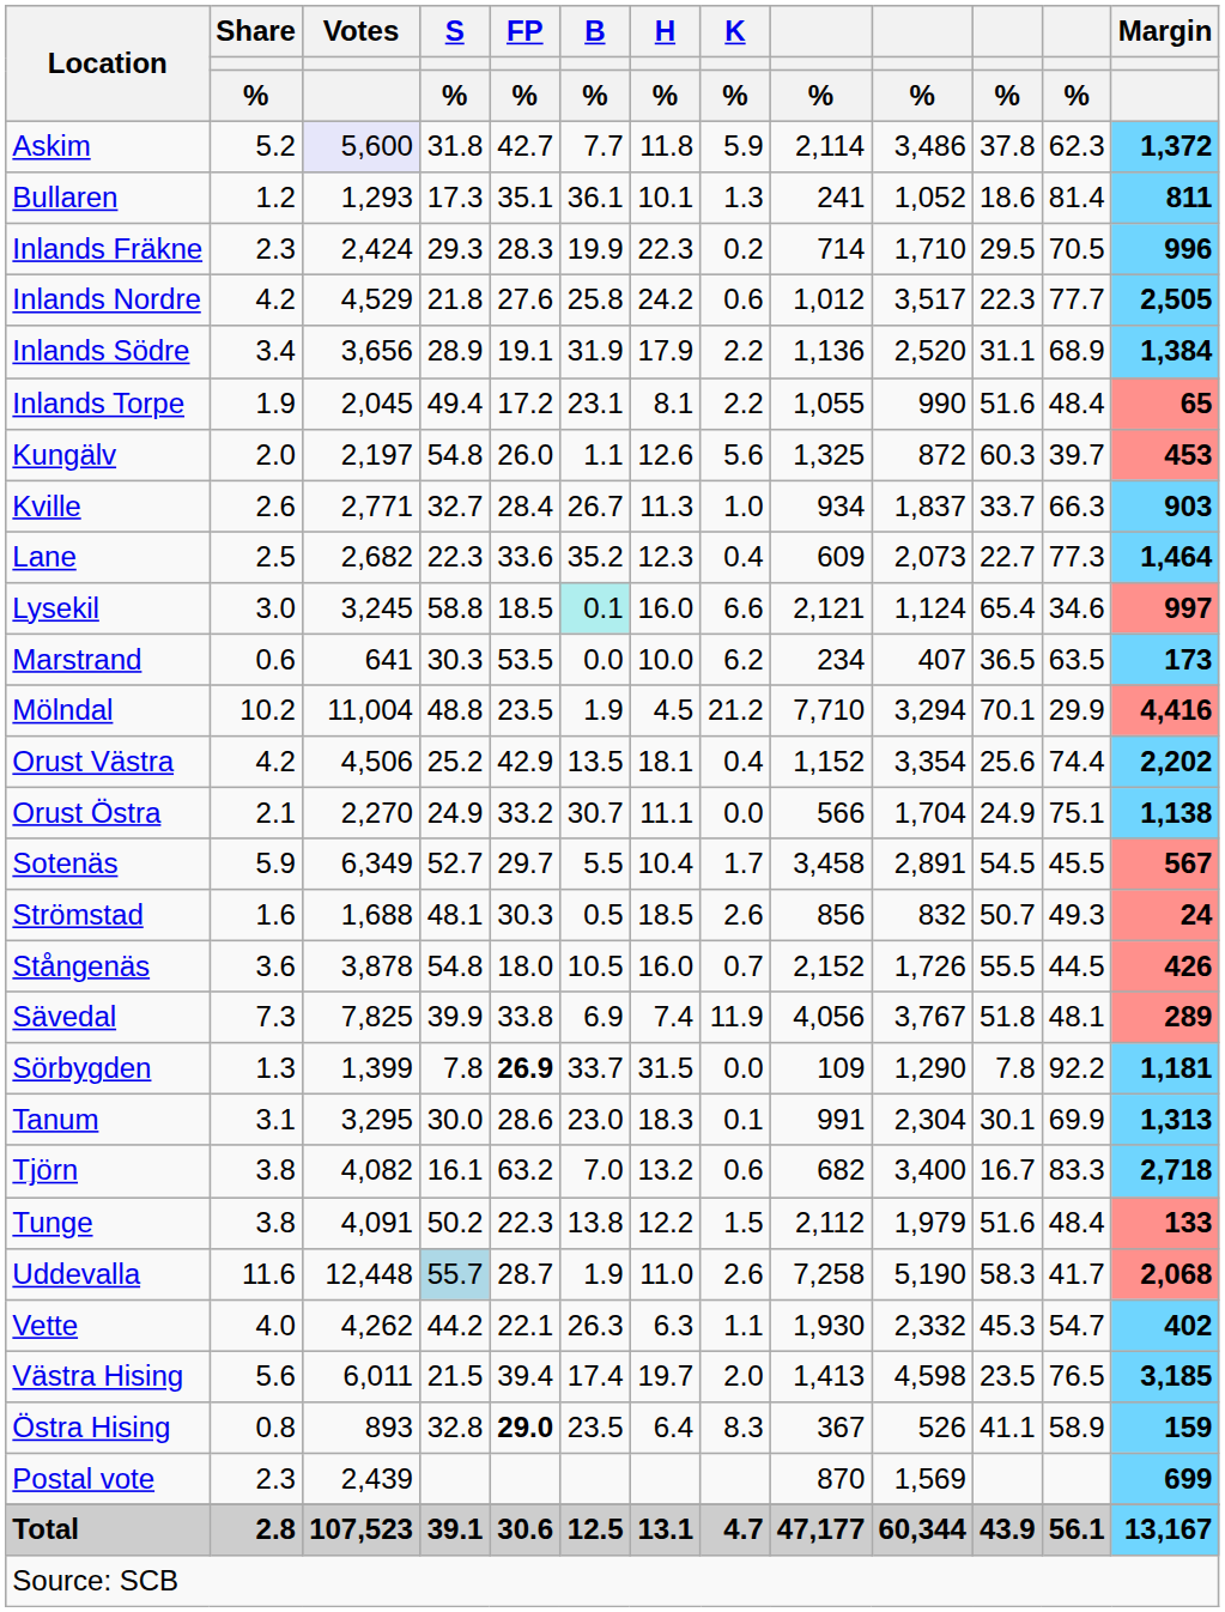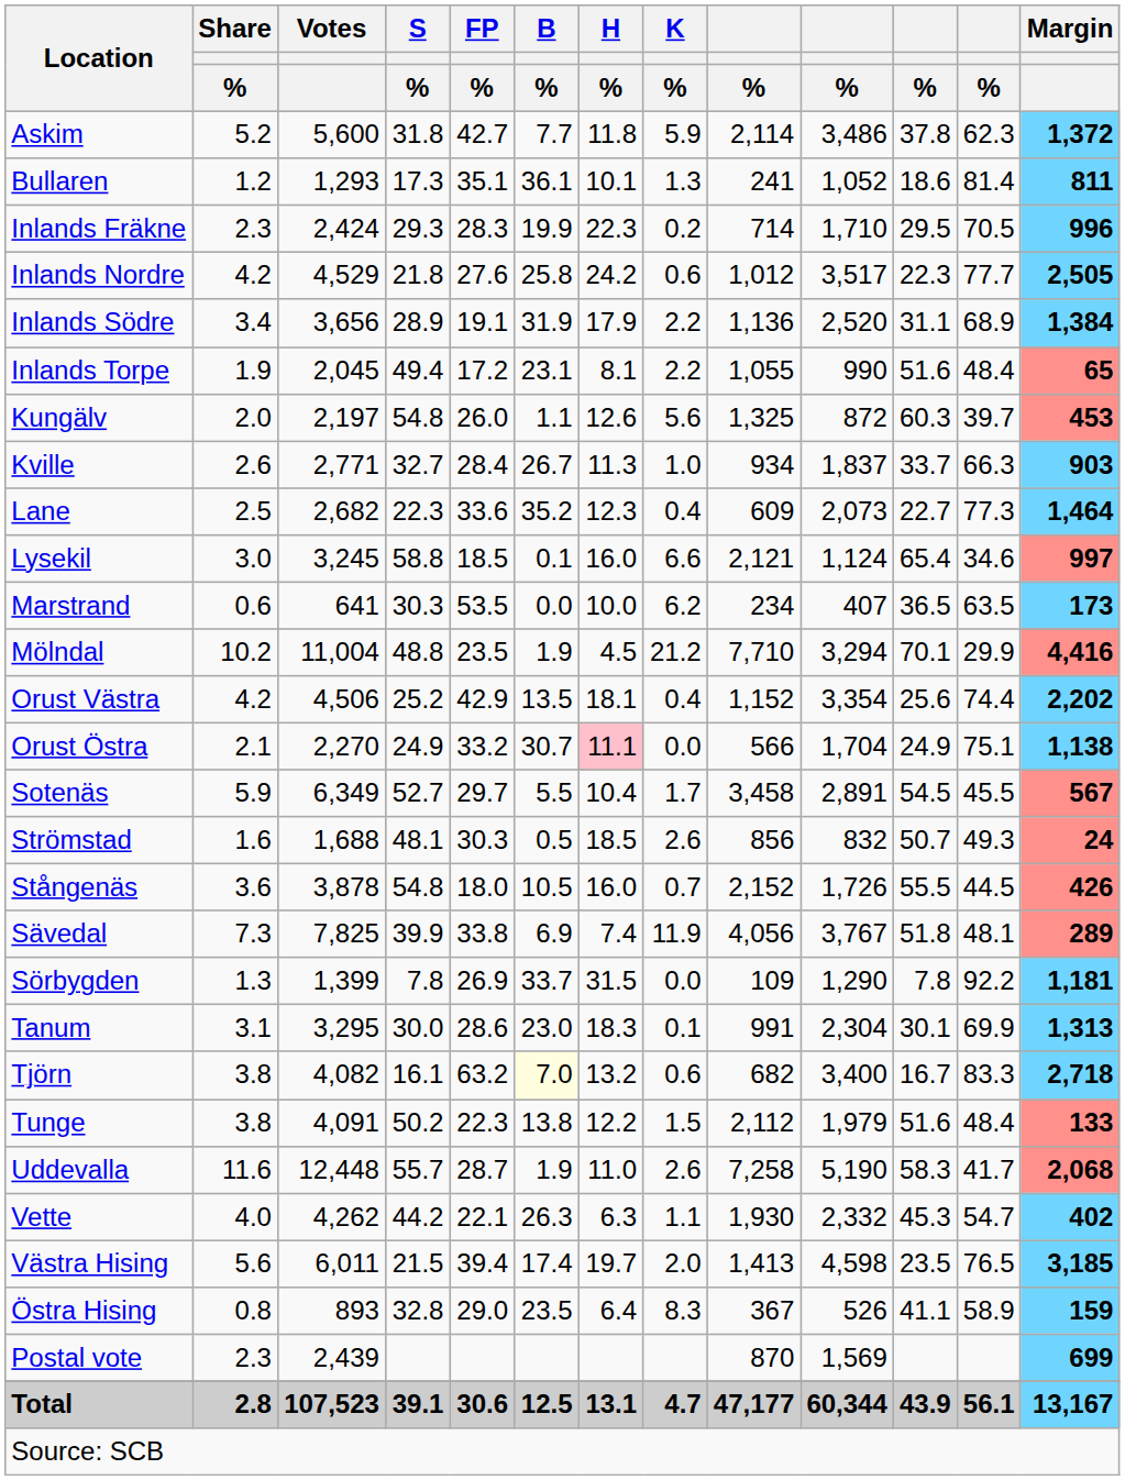 <table class="wikitable sortable" style="text-align:right; font-size:95%; line-height:20px;">
 <tr>
 <th rowspan="3">Location</th>
 <th>Share</th>
 <th>Votes</th>
 <th width="30px" class="unsortable"><a href='#'>S</a></th>
 <th width="30px" class="unsortable"><a href='#'>FP</a></th>
 <th width="30px" class="unsortable"><a href='#'>B</a></th>
 <th width="30px" class="unsortable"><a href='#'>H</a></th>
 <th width="30px" class="unsortable"><a href='#'>K</a></th>
 <th></th>
 <th></th>
 <th></th>
 <th></th>
 <th>Margin</th>
 </tr>
 <tr>
 <th></th>
 <th></th>
 <th style="background:"></th>
 <th style="background:"></th>
 <th style="background:"></th>
 <th style="background:"></th>
 <th style="background:"></th>
 <th style="background:"></th>
 <th style="background:"></th>
 <th style="background:"></th>
 <th style="background:"></th>
 <th></th>
 </tr>
 <tr>
 <th data-sort-type="number">%</th>
 <th></th>
 <th data-sort-type="number">%</th>
 <th data-sort-type="number">%</th>
 <th data-sort-type="number">%</th>
 <th data-sort-type="number">%</th>
 <th data-sort-type="number">%</th>
 <th data-sort-type="number">%</th>
 <th data-sort-type="number">%</th>
 <th data-sort-type="number">%</th>
 <th data-sort-type="number">%</th>
 <th data-sort-type="number"></th>
 </tr>
 <tr>
 <td align=left><a href='#'>Askim</a></td>
 <td>5.2</td>
-<td style="background: lavender;">5,600</td>
+<td>5,600</td>
 <td>31.8</td>
 <td>42.7</td>
 <td>7.7</td>
 <td>11.8</td>
 <td>5.9</td>
 <td>2,114</td>
 <td>3,486</td>
 <td>37.8</td>
 <td>62.3</td>
 <td bgcolor=#6fd5fe><strong>1,372</strong></td>
 </tr>
 <tr>
 <td align=left><a href='#'>Bullaren</a></td>
 <td>1.2</td>
 <td>1,293</td>
 <td>17.3</td>
 <td>35.1</td>
 <td>36.1</td>
 <td>10.1</td>
 <td>1.3</td>
 <td>241</td>
 <td>1,052</td>
 <td>18.6</td>
 <td>81.4</td>
 <td bgcolor=#6fd5fe><strong>811</strong></td>
 </tr>
 <tr>
 <td align=left><a href='#'>Inlands Fräkne</a></td>
 <td>2.3</td>
 <td>2,424</td>
 <td>29.3</td>
 <td>28.3</td>
 <td>19.9</td>
 <td>22.3</td>
 <td>0.2</td>
 <td>714</td>
 <td>1,710</td>
 <td>29.5</td>
 <td>70.5</td>
 <td bgcolor=#6fd5fe><strong>996</strong></td>
 </tr>
 <tr>
 <td align=left><a href='#'>Inlands Nordre</a></td>
 <td>4.2</td>
 <td>4,529</td>
 <td>21.8</td>
 <td>27.6</td>
 <td>25.8</td>
 <td>24.2</td>
 <td>0.6</td>
 <td>1,012</td>
 <td>3,517</td>
 <td>22.3</td>
 <td>77.7</td>
 <td bgcolor=#6fd5fe><strong>2,505</strong></td>
 </tr>
 <tr>
 <td align=left><a href='#'>Inlands Södre</a></td>
 <td>3.4</td>
 <td>3,656</td>
 <td>28.9</td>
 <td>19.1</td>
 <td>31.9</td>
 <td>17.9</td>
 <td>2.2</td>
 <td>1,136</td>
 <td>2,520</td>
 <td>31.1</td>
 <td>68.9</td>
 <td bgcolor=#6fd5fe><strong>1,384</strong></td>
 </tr>
 <tr>
 <td align=left><a href='#'>Inlands Torpe</a></td>
 <td>1.9</td>
 <td>2,045</td>
 <td>49.4</td>
 <td>17.2</td>
 <td>23.1</td>
 <td>8.1</td>
 <td>2.2</td>
 <td>1,055</td>
 <td>990</td>
 <td>51.6</td>
 <td>48.4</td>
 <td bgcolor=#ff908c><strong>65</strong></td>
 </tr>
 <tr>
 <td align=left><a href='#'>Kungälv</a></td>
 <td>2.0</td>
 <td>2,197</td>
 <td>54.8</td>
 <td>26.0</td>
 <td>1.1</td>
 <td>12.6</td>
 <td>5.6</td>
 <td>1,325</td>
 <td>872</td>
 <td>60.3</td>
 <td>39.7</td>
 <td bgcolor=#ff908c><strong>453</strong></td>
 </tr>
 <tr>
 <td align=left><a href='#'>Kville</a></td>
 <td>2.6</td>
 <td>2,771</td>
 <td>32.7</td>
 <td>28.4</td>
 <td>26.7</td>
 <td>11.3</td>
 <td>1.0</td>
 <td>934</td>
 <td>1,837</td>
 <td>33.7</td>
 <td>66.3</td>
 <td bgcolor=#6fd5fe><strong>903</strong></td>
 </tr>
 <tr>
 <td align=left><a href='#'>Lane</a></td>
 <td>2.5</td>
 <td>2,682</td>
 <td>22.3</td>
 <td>33.6</td>
 <td>35.2</td>
 <td>12.3</td>
 <td>0.4</td>
 <td>609</td>
 <td>2,073</td>
 <td>22.7</td>
 <td>77.3</td>
 <td bgcolor=#6fd5fe><strong>1,464</strong></td>
 </tr>
 <tr>
 <td align=left><a href='#'>Lysekil</a></td>
 <td>3.0</td>
 <td>3,245</td>
 <td>58.8</td>
 <td>18.5</td>
-<td style="background: paleturquoise;">0.1</td>
+<td>0.1</td>
 <td>16.0</td>
 <td>6.6</td>
 <td>2,121</td>
 <td>1,124</td>
 <td>65.4</td>
 <td>34.6</td>
 <td bgcolor=#ff908c><strong>997</strong></td>
 </tr>
 <tr>
 <td align=left><a href='#'>Marstrand</a></td>
 <td>0.6</td>
 <td>641</td>
 <td>30.3</td>
 <td>53.5</td>
 <td>0.0</td>
 <td>10.0</td>
 <td>6.2</td>
 <td>234</td>
 <td>407</td>
 <td>36.5</td>
 <td>63.5</td>
 <td bgcolor=#6fd5fe><strong>173</strong></td>
 </tr>
 <tr>
 <td align=left><a href='#'>Mölndal</a></td>
 <td>10.2</td>
 <td>11,004</td>
 <td>48.8</td>
 <td>23.5</td>
 <td>1.9</td>
 <td>4.5</td>
 <td>21.2</td>
 <td>7,710</td>
 <td>3,294</td>
 <td>70.1</td>
 <td>29.9</td>
 <td bgcolor=#ff908c><strong>4,416</strong></td>
 </tr>
 <tr>
 <td align=left><a href='#'>Orust Västra</a></td>
 <td>4.2</td>
 <td>4,506</td>
 <td>25.2</td>
 <td>42.9</td>
 <td>13.5</td>
 <td>18.1</td>
 <td>0.4</td>
 <td>1,152</td>
 <td>3,354</td>
 <td>25.6</td>
 <td>74.4</td>
 <td bgcolor=#6fd5fe><strong>2,202</strong></td>
 </tr>
 <tr>
 <td align=left><a href='#'>Orust Östra</a></td>
 <td>2.1</td>
 <td>2,270</td>
 <td>24.9</td>
 <td>33.2</td>
 <td>30.7</td>
-<td>11.1</td>
+<td style="background: pink;">11.1</td>
 <td>0.0</td>
 <td>566</td>
 <td>1,704</td>
 <td>24.9</td>
 <td>75.1</td>
 <td bgcolor=#6fd5fe><strong>1,138</strong></td>
 </tr>
 <tr>
 <td align=left><a href='#'>Sotenäs</a></td>
 <td>5.9</td>
 <td>6,349</td>
 <td>52.7</td>
 <td>29.7</td>
 <td>5.5</td>
 <td>10.4</td>
 <td>1.7</td>
 <td>3,458</td>
 <td>2,891</td>
 <td>54.5</td>
 <td>45.5</td>
 <td bgcolor=#ff908c><strong>567</strong></td>
 </tr>
 <tr>
 <td align=left><a href='#'>Strömstad</a></td>
 <td>1.6</td>
 <td>1,688</td>
 <td>48.1</td>
 <td>30.3</td>
 <td>0.5</td>
 <td>18.5</td>
 <td>2.6</td>
 <td>856</td>
 <td>832</td>
 <td>50.7</td>
 <td>49.3</td>
 <td bgcolor=#ff908c><strong>24</strong></td>
 </tr>
 <tr>
 <td align=left><a href='#'>Stångenäs</a></td>
 <td>3.6</td>
 <td>3,878</td>
 <td>54.8</td>
 <td>18.0</td>
 <td>10.5</td>
 <td>16.0</td>
 <td>0.7</td>
 <td>2,152</td>
 <td>1,726</td>
 <td>55.5</td>
 <td>44.5</td>
 <td bgcolor=#ff908c><strong>426</strong></td>
 </tr>
 <tr>
 <td align=left><a href='#'>Sävedal</a></td>
 <td>7.3</td>
 <td>7,825</td>
 <td>39.9</td>
 <td>33.8</td>
 <td>6.9</td>
 <td>7.4</td>
 <td>11.9</td>
 <td>4,056</td>
 <td>3,767</td>
 <td>51.8</td>
 <td>48.1</td>
 <td bgcolor=#ff908c><strong>289</strong></td>
 </tr>
 <tr>
 <td align=left><a href='#'>Sörbygden</a></td>
 <td>1.3</td>
 <td>1,399</td>
 <td>7.8</td>
-<td><strong>26.9</strong></td>
+<td>26.9</td>
 <td>33.7</td>
 <td>31.5</td>
 <td>0.0</td>
 <td>109</td>
 <td>1,290</td>
 <td>7.8</td>
 <td>92.2</td>
 <td bgcolor=#6fd5fe><strong>1,181</strong></td>
 </tr>
 <tr>
 <td align=left><a href='#'>Tanum</a></td>
 <td>3.1</td>
 <td>3,295</td>
 <td>30.0</td>
 <td>28.6</td>
 <td>23.0</td>
 <td>18.3</td>
 <td>0.1</td>
 <td>991</td>
 <td>2,304</td>
 <td>30.1</td>
 <td>69.9</td>
 <td bgcolor=#6fd5fe><strong>1,313</strong></td>
 </tr>
 <tr>
 <td align=left><a href='#'>Tjörn</a></td>
 <td>3.8</td>
 <td>4,082</td>
 <td>16.1</td>
 <td>63.2</td>
-<td>7.0</td>
+<td style="background: lightyellow;">7.0</td>
 <td>13.2</td>
 <td>0.6</td>
 <td>682</td>
 <td>3,400</td>
 <td>16.7</td>
 <td>83.3</td>
 <td bgcolor=#6fd5fe><strong>2,718</strong></td>
 </tr>
 <tr>
 <td align=left><a href='#'>Tunge</a></td>
 <td>3.8</td>
 <td>4,091</td>
 <td>50.2</td>
 <td>22.3</td>
 <td>13.8</td>
 <td>12.2</td>
 <td>1.5</td>
 <td>2,112</td>
 <td>1,979</td>
 <td>51.6</td>
 <td>48.4</td>
 <td bgcolor=#ff908c><strong>133</strong></td>
 </tr>
 <tr>
 <td align=left><a href='#'>Uddevalla</a></td>
 <td>11.6</td>
 <td>12,448</td>
-<td style="background: lightblue;">55.7</td>
+<td>55.7</td>
 <td>28.7</td>
 <td>1.9</td>
 <td>11.0</td>
 <td>2.6</td>
 <td>7,258</td>
 <td>5,190</td>
 <td>58.3</td>
 <td>41.7</td>
 <td bgcolor=#ff908c><strong>2,068</strong></td>
 </tr>
 <tr>
 <td align=left><a href='#'>Vette</a></td>
 <td>4.0</td>
 <td>4,262</td>
 <td>44.2</td>
 <td>22.1</td>
 <td>26.3</td>
 <td>6.3</td>
 <td>1.1</td>
 <td>1,930</td>
 <td>2,332</td>
 <td>45.3</td>
 <td>54.7</td>
 <td bgcolor=#6fd5fe><strong>402</strong></td>
 </tr>
 <tr>
 <td align=left><a href='#'>Västra Hising</a></td>
 <td>5.6</td>
 <td>6,011</td>
 <td>21.5</td>
 <td>39.4</td>
 <td>17.4</td>
 <td>19.7</td>
 <td>2.0</td>
 <td>1,413</td>
 <td>4,598</td>
 <td>23.5</td>
 <td>76.5</td>
 <td bgcolor=#6fd5fe><strong>3,185</strong></td>
 </tr>
 <tr>
 <td align=left><a href='#'>Östra Hising</a></td>
 <td>0.8</td>
 <td>893</td>
 <td>32.8</td>
-<td><strong>29.0</strong></td>
+<td>29.0</td>
 <td>23.5</td>
 <td>6.4</td>
 <td>8.3</td>
 <td>367</td>
 <td>526</td>
 <td>41.1</td>
 <td>58.9</td>
 <td bgcolor=#6fd5fe><strong>159</strong></td>
 </tr>
 <tr>
 <td align=left><a href='#'>Postal vote</a></td>
 <td>2.3</td>
 <td>2,439</td>
 <td></td>
 <td></td>
 <td></td>
 <td></td>
 <td></td>
 <td>870</td>
 <td>1,569</td>
 <td></td>
 <td></td>
 <td bgcolor=#6fd5fe><strong>699</strong></td>
 </tr>
 <tr>
 </tr>
 <tr style="background:#CDCDCD;">
 <td align=left><strong>Total</strong></td>
 <td><strong>2.8</strong></td>
 <td><strong>107,523</strong></td>
 <td><strong>39.1</strong></td>
 <td><strong>30.6</strong></td>
 <td><strong>12.5</strong></td>
 <td><strong>13.1</strong></td>
 <td><strong>4.7</strong></td>
 <td><strong>47,177</strong></td>
 <td><strong>60,344</strong></td>
 <td><strong>43.9</strong></td>
 <td><strong>56.1</strong></td>
 <td bgcolor=#6fd5fe><strong>13,167</strong></td>
 </tr>
 <tr>
 <td align=left colspan=13>Source: SCB </td>
 </tr>
 </table>
